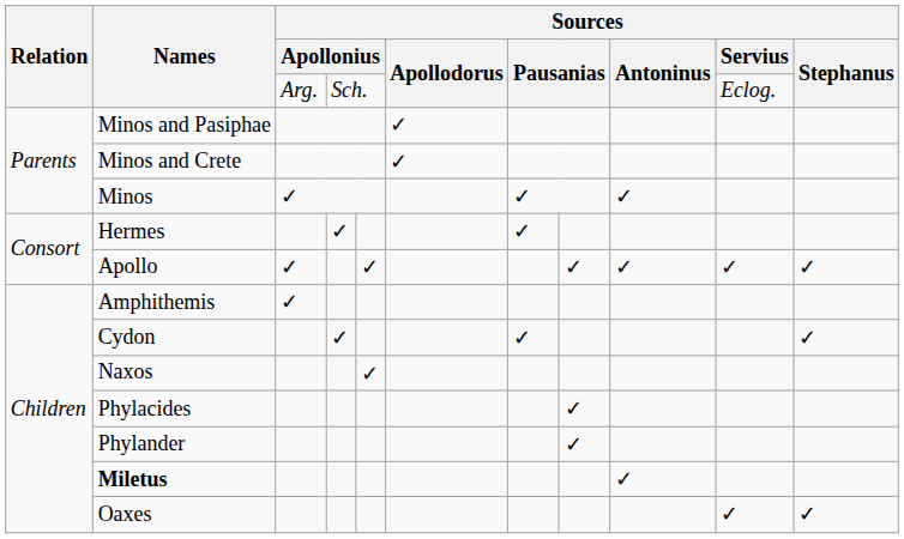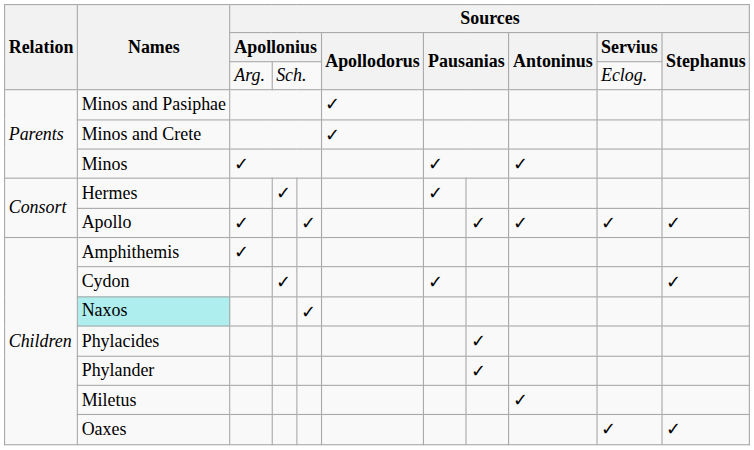 <table class="wikitable">
 <tr>
 <th rowspan="3">Relation</th>
 <th rowspan="3">Names</th>
 <th colspan="9">Sources</th>
 </tr>
 <tr>
 <th colspan="3">Apollonius</th>
 <th rowspan="2">Apollodorus</th>
 <th colspan="2" rowspan="2">Pausanias</th>
 <th rowspan="2">Antoninus</th>
 <th>Servius</th>
 <th rowspan="2">Stephanus</th>
 </tr>
 <tr>
 <td><em>Arg.</em></td>
 <td colspan="2"><em>Sch.</em></td>
 <td><em>Eclog.</em></td>
 </tr>
 <tr>
 <td rowspan="3"><em>Parents</em></td>
 <td>Minos and Pasiphae</td>
 <td colspan="3"></td>
 <td>✓</td>
 <td colspan="2"></td>
 <td></td>
 <td></td>
 <td></td>
 </tr>
 <tr>
 <td>Minos and Crete</td>
 <td colspan="3"></td>
 <td>✓</td>
 <td colspan="2"></td>
 <td></td>
 <td></td>
 <td></td>
 </tr>
 <tr>
 <td>Minos</td>
 <td colspan="3">✓</td>
 <td></td>
 <td colspan="2">✓</td>
 <td>✓</td>
 <td></td>
 <td></td>
 </tr>
 <tr>
 <td rowspan="2"><em>Consort</em></td>
 <td>Hermes</td>
 <td></td>
 <td>✓</td>
 <td></td>
 <td></td>
 <td>✓</td>
 <td></td>
 <td></td>
 <td></td>
 <td></td>
 </tr>
 <tr>
 <td>Apollo</td>
 <td>✓</td>
 <td></td>
 <td>✓</td>
 <td></td>
 <td></td>
 <td>✓</td>
 <td>✓</td>
 <td>✓</td>
 <td>✓</td>
 </tr>
 <tr>
 <td rowspan="7"><em>Children</em></td>
 <td>Amphithemis</td>
 <td>✓</td>
 <td></td>
 <td></td>
 <td></td>
 <td></td>
 <td></td>
 <td></td>
 <td></td>
 <td></td>
 </tr>
 <tr>
 <td>Cydon</td>
 <td></td>
 <td>✓</td>
 <td></td>
 <td></td>
 <td>✓</td>
 <td></td>
 <td></td>
 <td></td>
 <td>✓</td>
 </tr>
 <tr>
-<td>Naxos</td>
+<td style="background: paleturquoise;">Naxos</td>
 <td></td>
 <td></td>
 <td>✓</td>
 <td></td>
 <td></td>
 <td></td>
 <td></td>
 <td></td>
 <td></td>
 </tr>
 <tr>
 <td>Phylacides</td>
 <td></td>
 <td></td>
 <td></td>
 <td></td>
 <td></td>
 <td>✓</td>
 <td></td>
 <td></td>
 <td></td>
 </tr>
 <tr>
 <td>Phylander</td>
 <td></td>
 <td></td>
 <td></td>
 <td></td>
 <td></td>
 <td>✓</td>
 <td></td>
 <td></td>
 <td></td>
 </tr>
 <tr>
-<td><strong>Miletus</strong></td>
+<td>Miletus</td>
 <td></td>
 <td></td>
 <td></td>
 <td></td>
 <td></td>
 <td></td>
 <td>✓</td>
 <td></td>
 <td></td>
 </tr>
 <tr>
 <td>Oaxes</td>
 <td></td>
 <td></td>
 <td></td>
 <td></td>
 <td></td>
 <td></td>
 <td></td>
 <td>✓</td>
 <td>✓</td>
 </tr>
 </table>
